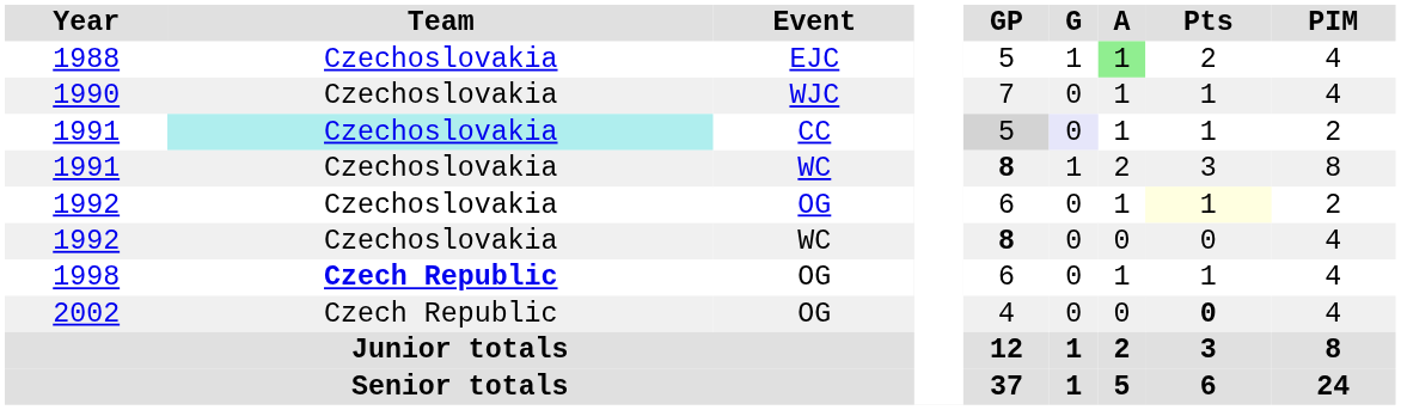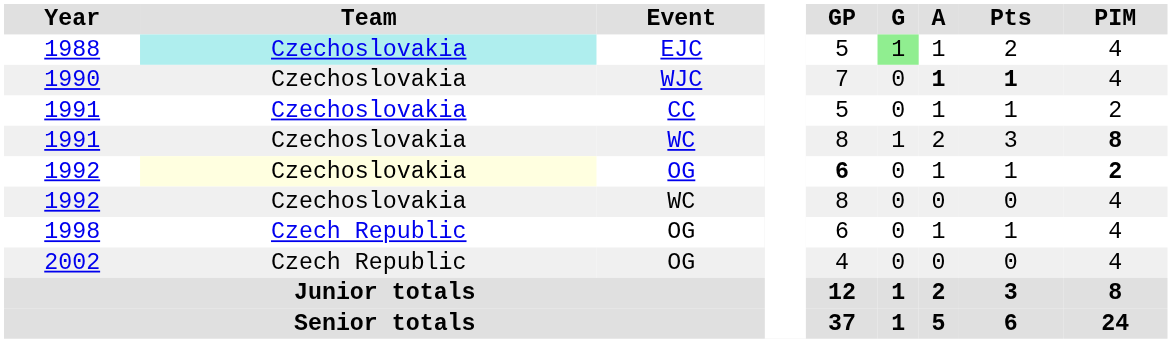 <table border="0" cellpadding="1" cellspacing="0" style="text-align:center; width:50em">
 <tr align="center" bgcolor="#e0e0e0">
 <th>Year</th>
 <th>Team</th>
 <th>Event</th>
 <th rowspan="99" bgcolor="#ffffff"> </th>
 <th>GP</th>
 <th>G</th>
 <th>A</th>
 <th>Pts</th>
 <th>PIM</th>
 </tr>
 <tr>
 <td><a href='#'>1988</a></td>
-<td><a href='#'>Czechoslovakia</a></td>
+<td style="background: paleturquoise;"><a href='#'>Czechoslovakia</a></td>
 <td><a href='#'>EJC</a></td>
 <td>5</td>
+<td style="background: lightgreen;">1</td>
 <td>1</td>
-<td style="background: lightgreen;">1</td>
 <td>2</td>
 <td>4</td>
 </tr>
 <tr bgcolor="#f0f0f0">
 <td><a href='#'>1990</a></td>
 <td>Czechoslovakia</td>
 <td><a href='#'>WJC</a></td>
 <td>7</td>
 <td>0</td>
-<td>1</td>
-<td>1</td>
+<td><strong>1</strong></td>
+<td><strong>1</strong></td>
 <td>4</td>
 </tr>
 <tr>
 <td><a href='#'>1991</a></td>
-<td style="background: paleturquoise;"><a href='#'>Czechoslovakia</a></td>
+<td><a href='#'>Czechoslovakia</a></td>
 <td><a href='#'>CC</a></td>
-<td style="background: lightgrey;">5</td>
-<td style="background: lavender;">0</td>
+<td>5</td>
+<td>0</td>
 <td>1</td>
 <td>1</td>
 <td>2</td>
 </tr>
 <tr bgcolor="#f0f0f0">
 <td><a href='#'>1991</a></td>
 <td>Czechoslovakia</td>
 <td><a href='#'>WC</a></td>
-<td><strong>8</strong></td>
+<td>8</td>
 <td>1</td>
 <td>2</td>
 <td>3</td>
-<td>8</td>
+<td><strong>8</strong></td>
 </tr>
 <tr>
 <td><a href='#'>1992</a></td>
-<td>Czechoslovakia</td>
+<td style="background: lightyellow;">Czechoslovakia</td>
 <td><a href='#'>OG</a></td>
-<td>6</td>
+<td><strong>6</strong></td>
 <td>0</td>
 <td>1</td>
-<td style="background: lightyellow;">1</td>
-<td>2</td>
+<td>1</td>
+<td><strong>2</strong></td>
 </tr>
 <tr bgcolor="#f0f0f0">
 <td><a href='#'>1992</a></td>
 <td>Czechoslovakia</td>
 <td>WC</td>
-<td><strong>8</strong></td>
+<td>8</td>
 <td>0</td>
 <td>0</td>
 <td>0</td>
 <td>4</td>
 </tr>
 <tr>
 <td><a href='#'>1998</a></td>
-<td><strong><a href='#'>Czech Republic</a></strong></td>
+<td><a href='#'>Czech Republic</a></td>
 <td>OG</td>
 <td>6</td>
 <td>0</td>
 <td>1</td>
 <td>1</td>
 <td>4</td>
 </tr>
 <tr bgcolor="#f0f0f0">
 <td><a href='#'>2002</a></td>
 <td>Czech Republic</td>
 <td>OG</td>
 <td>4</td>
 <td>0</td>
 <td>0</td>
-<td><strong>0</strong></td>
+<td>0</td>
 <td>4</td>
 </tr>
 <tr bgcolor="#e0e0e0">
 <th colspan=3>Junior totals</th>
 <th>12</th>
 <th>1</th>
 <th>2</th>
 <th>3</th>
 <th>8</th>
 </tr>
 <tr bgcolor="#e0e0e0">
 <th colspan=3>Senior totals</th>
 <th>37</th>
 <th>1</th>
 <th>5</th>
 <th>6</th>
 <th>24</th>
 </tr>
 </table>
